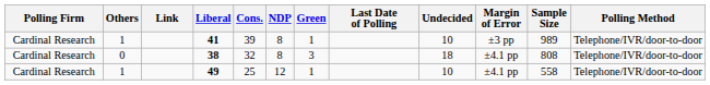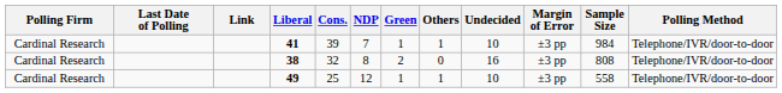 <table class="wikitable sortable" style="text-align:center;font-size:90%;line-height:14px;">
 <tr style="background:#e9e9e9;">
 <th style="width:120px">Polling Firm</th>
-<th style="background-color:">Others</th>
+<th style="width:110px">Last Date<br>of Polling</th>
 <th style="width:60px" class="unsortable">Link</th>
 <th style="background-color:"><a href='#'>Liberal</a></th>
 <th style="background-color:"><a href='#'>Cons.</a></th>
 <th style="background-color:"><a href='#'>NDP</a></th>
 <th style="background-color:"><a href='#'>Green</a></th>
-<th style="width:110px">Last Date<br>of Polling</th>
+<th style="background-color:">Others</th>
 <th style="background-color:">Undecided</th>
 <th style="width:60px;" class=unsortable>Margin<br>of Error</th>
 <th style="width:50px;" class=unsortable>Sample<br>Size</th>
 <th class=unsortable>Polling Method</th>
 </tr>
 <tr>
 <td>Cardinal Research</td>
-<td>1</td>
+<td></td>
 <td></td>
 <td><strong>41</strong></td>
 <td>39</td>
-<td>8</td>
+<td>7</td>
 <td>1</td>
-<td></td>
+<td>1</td>
 <td>10</td>
 <td>±3 pp</td>
-<td>989</td>
+<td>984</td>
 <td>Telephone/IVR/door-to-door</td>
 </tr>
 <tr>
 <td>Cardinal Research</td>
-<td>0</td>
+<td></td>
 <td></td>
 <td><strong>38</strong></td>
 <td>32</td>
 <td>8</td>
-<td>3</td>
-<td></td>
-<td>18</td>
-<td>±4.1 pp</td>
+<td>2</td>
+<td>0</td>
+<td>16</td>
+<td>±3 pp</td>
 <td>808</td>
 <td>Telephone/IVR/door-to-door</td>
 </tr>
 <tr>
 <td>Cardinal Research</td>
-<td>1</td>
+<td></td>
 <td></td>
 <td><strong>49</strong></td>
 <td>25</td>
 <td>12</td>
 <td>1</td>
-<td></td>
+<td>1</td>
 <td>10</td>
-<td>±4.1 pp</td>
+<td>±3 pp</td>
 <td>558</td>
 <td>Telephone/IVR/door-to-door</td>
 </tr>
 </table>
